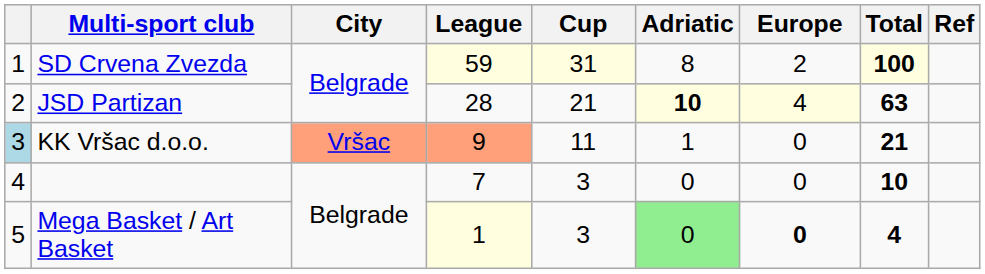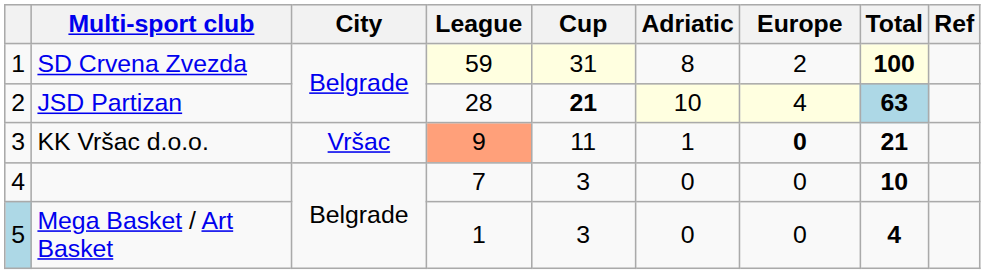 <table class="wikitable sortable" style="text-align: center;">
 <tr>
 <th scope="col" width="10px" class="unsortable"></th>
 <th scope="col" width="160px"><a href='#'>Multi-sport club</a></th>
 <th scope="col" width="80px">City</th>
 <th scope="col" width="60px">League</th>
 <th scope="col" width="60px">Cup</th>
 <th scope="col" width="60px">Adriatic</th>
 <th scope="col" width="70px">Europe</th>
 <th scope="col" width="20px">Total</th>
 <th scope="col" width="10px" class="unsortable">Ref</th>
 </tr>
 <tr>
 <td>1</td>
 <td align=left><a href='#'>SD Crvena Zvezda</a></td>
 <td rowspan=2><a href='#'>Belgrade</a></td>
 <td style="background:#ffffe0;">59</td>
 <td style="background:#ffffe0;">31</td>
 <td>8</td>
 <td>2</td>
 <td style="background:#ffffe0;"><strong>100</strong></td>
 <td></td>
 </tr>
 <tr>
 <td>2</td>
 <td align=left><a href='#'>JSD Partizan</a></td>
 <td>28</td>
-<td>21</td>
-<td style="background:#ffffe0;"><strong>10</strong></td>
+<td><strong>21</strong></td>
+<td style="background:#ffffe0;">10</td>
 <td style="background:#ffffe0;">4</td>
-<td><strong>63</strong></td>
+<td style="background: lightblue;"><strong>63</strong></td>
 <td></td>
 </tr>
 <tr>
-<td style="background: lightblue;">3</td>
+<td>3</td>
 <td align=left>KK Vršac d.o.o. </td>
-<td style="background: lightsalmon;"><a href='#'>Vršac</a></td>
+<td><a href='#'>Vršac</a></td>
 <td style="background: lightsalmon;">9</td>
 <td>11</td>
 <td>1</td>
-<td>0</td>
+<td><strong>0</strong></td>
 <td><strong>21</strong></td>
 <td></td>
 </tr>
 <tr>
 <td>4</td>
 <td align=left></td>
 <td rowspan=2>Belgrade</td>
 <td>7</td>
 <td>3</td>
 <td>0</td>
 <td>0</td>
 <td><strong>10</strong></td>
 <td></td>
 </tr>
 <tr>
-<td>5</td>
+<td style="background: lightblue;">5</td>
 <td align=left><a href='#'>Mega Basket</a> / <a href='#'>Art Basket</a> </td>
-<td style="background: lightyellow;">1</td>
+<td>1</td>
 <td>3</td>
-<td style="background: lightgreen;">0</td>
-<td><strong>0</strong></td>
+<td>0</td>
+<td>0</td>
 <td><strong>4</strong></td>
 <td></td>
 </tr>
 </table>
